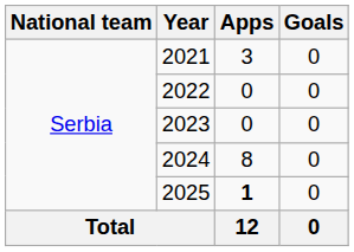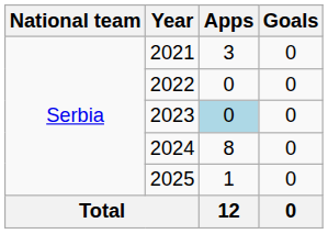 <table class="wikitable" style="text-align:center">
 <tr>
 <th>National team</th>
 <th>Year</th>
 <th>Apps</th>
 <th>Goals</th>
 </tr>
 <tr>
 <td rowspan="5"><a href='#'>Serbia</a></td>
 <td>2021</td>
 <td>3</td>
 <td>0</td>
 </tr>
 <tr>
 <td>2022</td>
 <td>0</td>
 <td>0</td>
 </tr>
 <tr>
 <td>2023</td>
-<td>0</td>
+<td style="background: lightblue;">0</td>
 <td>0</td>
 </tr>
 <tr>
 <td>2024</td>
 <td>8</td>
 <td>0</td>
 </tr>
 <tr>
 <td>2025</td>
-<td><strong>1</strong></td>
+<td>1</td>
 <td>0</td>
 </tr>
 <tr>
 <th colspan="2">Total</th>
 <th>12</th>
 <th>0</th>
 </tr>
 </table>
